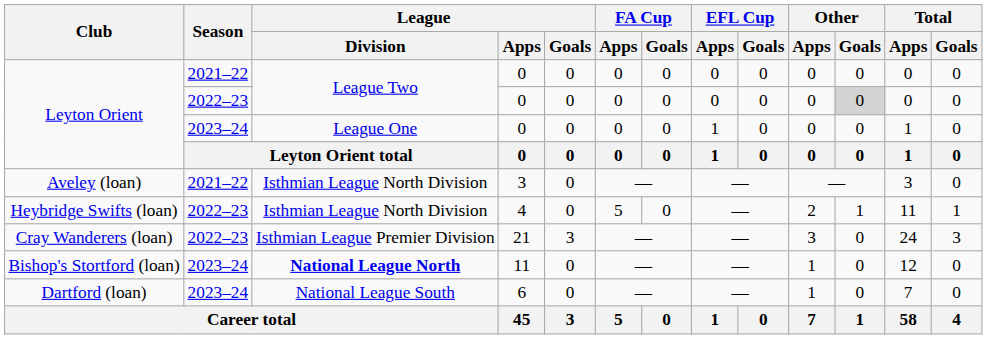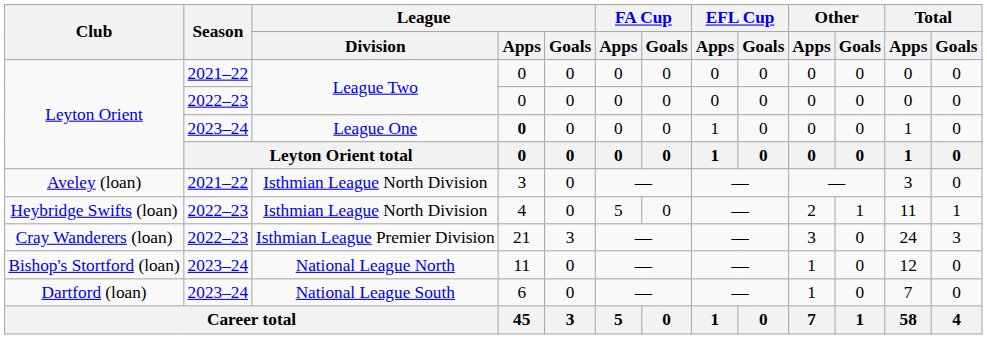 <table class="wikitable" style="text-align:center;">
 <tr>
 <th rowspan="2">Club</th>
 <th rowspan="2">Season</th>
 <th colspan="3">League</th>
 <th colspan="2"><a href='#'>FA Cup</a></th>
 <th colspan="2"><a href='#'>EFL Cup</a></th>
 <th colspan="2">Other</th>
 <th colspan="2">Total</th>
 </tr>
 <tr>
 <th>Division</th>
 <th>Apps</th>
 <th>Goals</th>
 <th>Apps</th>
 <th>Goals</th>
 <th>Apps</th>
 <th>Goals</th>
 <th>Apps</th>
 <th>Goals</th>
 <th>Apps</th>
 <th>Goals</th>
 </tr>
 <tr>
 <td rowspan="4"><a href='#'>Leyton Orient</a></td>
 <td><a href='#'>2021–22</a></td>
 <td rowspan="2"><a href='#'>League Two</a></td>
 <td>0</td>
 <td>0</td>
 <td>0</td>
 <td>0</td>
 <td>0</td>
 <td>0</td>
 <td>0</td>
 <td>0</td>
 <td>0</td>
 <td>0</td>
 </tr>
 <tr>
 <td><a href='#'>2022–23</a></td>
 <td>0</td>
 <td>0</td>
 <td>0</td>
 <td>0</td>
 <td>0</td>
 <td>0</td>
 <td>0</td>
-<td style="background: lightgrey;">0</td>
+<td>0</td>
 <td>0</td>
 <td>0</td>
 </tr>
 <tr>
 <td><a href='#'>2023–24</a></td>
 <td><a href='#'>League One</a></td>
-<td>0</td>
+<td><strong>0</strong></td>
 <td>0</td>
 <td>0</td>
 <td>0</td>
 <td>1</td>
 <td>0</td>
 <td>0</td>
 <td>0</td>
 <td>1</td>
 <td>0</td>
 </tr>
 <tr>
 <th colspan="2">Leyton Orient total</th>
 <th>0</th>
 <th>0</th>
 <th>0</th>
 <th>0</th>
 <th>1</th>
 <th>0</th>
 <th>0</th>
 <th>0</th>
 <th>1</th>
 <th>0</th>
 </tr>
 <tr>
 <td><a href='#'>Aveley</a> (loan)</td>
 <td><a href='#'>2021–22</a></td>
 <td><a href='#'>Isthmian League</a> North Division</td>
 <td>3</td>
 <td>0</td>
 <td colspan="2">—</td>
 <td colspan="2">—</td>
 <td colspan="2">—</td>
 <td>3</td>
 <td>0</td>
 </tr>
 <tr>
 <td><a href='#'>Heybridge Swifts</a> (loan)</td>
 <td><a href='#'>2022–23</a></td>
 <td><a href='#'>Isthmian League</a> North Division</td>
 <td>4</td>
 <td>0</td>
 <td>5</td>
 <td>0</td>
 <td colspan="2">—</td>
 <td>2</td>
 <td>1</td>
 <td>11</td>
 <td>1</td>
 </tr>
 <tr>
 <td><a href='#'>Cray Wanderers</a> (loan)</td>
 <td><a href='#'>2022–23</a></td>
 <td><a href='#'>Isthmian League</a> Premier Division</td>
 <td>21</td>
 <td>3</td>
 <td colspan="2">—</td>
 <td colspan="2">—</td>
 <td>3</td>
 <td>0</td>
 <td>24</td>
 <td>3</td>
 </tr>
 <tr>
 <td><a href='#'>Bishop's Stortford</a> (loan)</td>
 <td><a href='#'>2023–24</a></td>
-<td><strong><a href='#'>National League North</a></strong></td>
+<td><a href='#'>National League North</a></td>
 <td>11</td>
 <td>0</td>
 <td colspan="2">—</td>
 <td colspan="2">—</td>
 <td>1</td>
 <td>0</td>
 <td>12</td>
 <td>0</td>
 </tr>
 <tr>
 <td><a href='#'>Dartford</a> (loan)</td>
 <td><a href='#'>2023–24</a></td>
 <td><a href='#'>National League South</a></td>
 <td>6</td>
 <td>0</td>
 <td colspan="2">—</td>
 <td colspan="2">—</td>
 <td>1</td>
 <td>0</td>
 <td>7</td>
 <td>0</td>
 </tr>
 <tr>
 <th colspan="3">Career total</th>
 <th>45</th>
 <th>3</th>
 <th>5</th>
 <th>0</th>
 <th>1</th>
 <th>0</th>
 <th>7</th>
 <th>1</th>
 <th>58</th>
 <th>4</th>
 </tr>
 </table>
